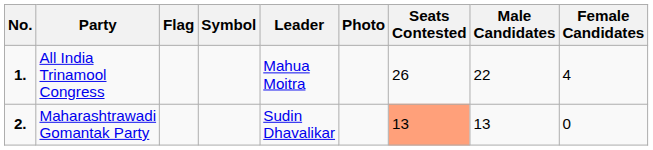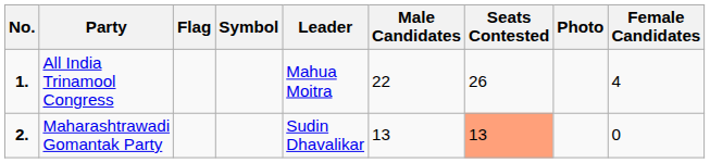 <table class="wikitable"  width="50%">
 <tr>
 <th>No.</th>
 <th>Party</th>
 <th>Flag</th>
 <th>Symbol</th>
 <th>Leader</th>
+<th>Male Candidates</th>
+<th>Seats Contested</th>
 <th>Photo</th>
-<th>Seats Contested</th>
-<th>Male Candidates</th>
 <th>Female Candidates</th>
 </tr>
 <tr>
 <td ! style="text-align:center; background:"><strong>1.</strong></td>
 <td><a href='#'>All India Trinamool Congress</a></td>
 <td></td>
 <td></td>
 <td><a href='#'>Mahua Moitra</a></td>
+<td>22</td>
+<td>26</td>
 <td></td>
-<td>26</td>
-<td>22</td>
 <td>4</td>
 </tr>
 <tr>
 <td ! style="text-align:center; background:"><strong>2.</strong></td>
 <td><a href='#'>Maharashtrawadi Gomantak Party</a></td>
 <td></td>
 <td></td>
 <td><a href='#'>Sudin Dhavalikar</a></td>
+<td>13</td>
+<td style="background: lightsalmon;">13</td>
 <td></td>
-<td style="background: lightsalmon;">13</td>
-<td>13</td>
 <td>0</td>
 </tr>
 </table>
